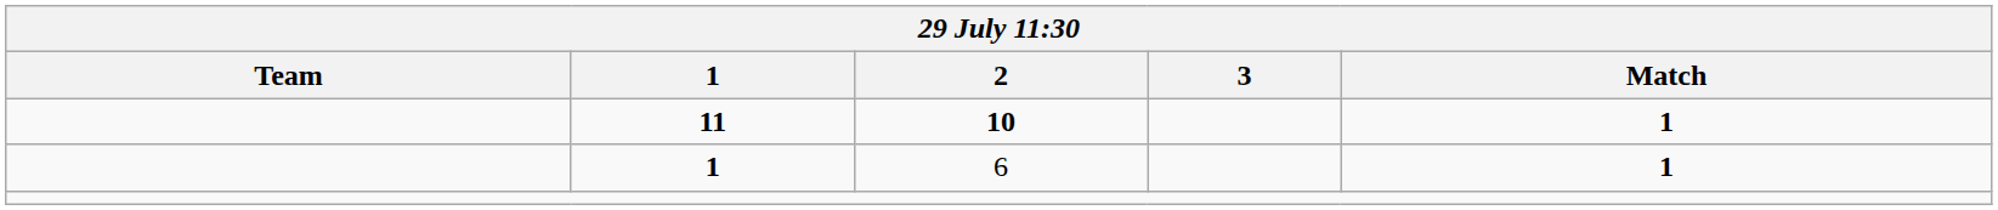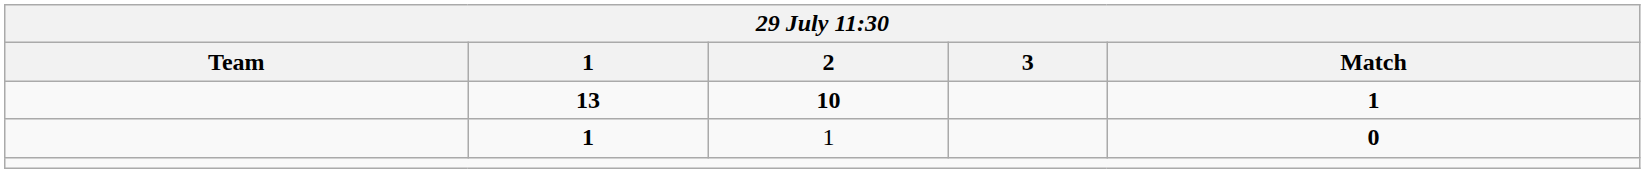 <table class=wikitable style="text-align:center; width: 55%">
 <tr>
 <th colspan=10><em>29 July 11:30</em></th>
 </tr>
 <tr>
 <th>Team</th>
 <th>1</th>
 <th>2</th>
 <th>3</th>
 <th>Match</th>
 </tr>
 <tr>
 <td align=left><strong><br></strong></td>
-<td><strong>11</strong></td>
+<td><strong>13</strong></td>
 <td><strong>10</strong></td>
 <td></td>
 <td><strong>1</strong></td>
 </tr>
 <tr>
 <td align=left><br></td>
 <td><strong>1</strong></td>
-<td>6</td>
+<td>1</td>
 <td></td>
-<td><strong>1</strong></td>
+<td><strong>0</strong></td>
 </tr>
 <tr>
 <td colspan=10></td>
 </tr>
 </table>
